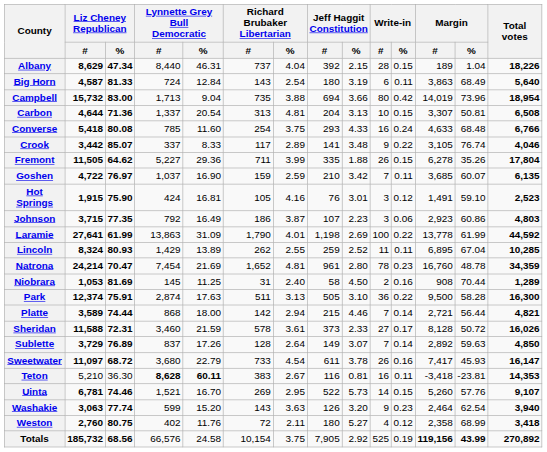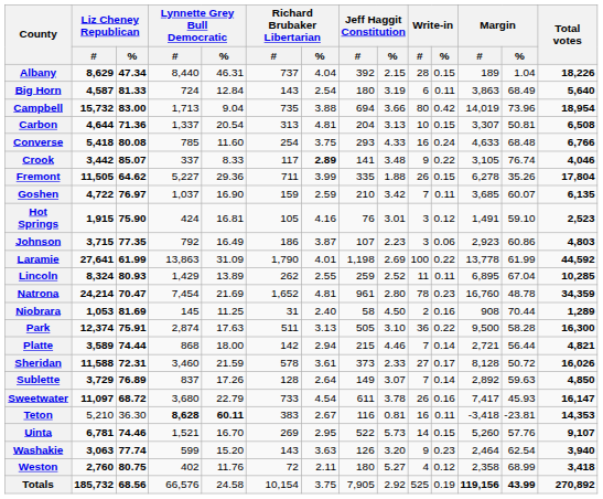 <table class="wikitable sortable"  style="text-align:right">
 <tr>
 <th rowspan="2">County</th>
 <th colspan="2"><a href='#'>Liz Cheney</a><br><a href='#'>Republican</a></th>
 <th colspan="2"><a href='#'>Lynnette Grey Bull</a><br><a href='#'>Democratic</a></th>
 <th colspan="2">Richard Brubaker<br><a href='#'>Libertarian</a></th>
 <th colspan="2">Jeff Haggit<br><a href='#'>Constitution</a></th>
 <th colspan="2">Write-in</th>
 <th colspan="2">Margin</th>
 <th rowspan="2">Total votes</th>
 </tr>
 <tr>
 <th data-sort-type="number" style="text-align:center;">#</th>
 <th data-sort-type="number" style="text-align:center;">%</th>
 <th data-sort-type="number" style="text-align:center;">#</th>
 <th data-sort-type="number" style="text-align:center;">%</th>
 <th data-sort-type="number" style="text-align:center;">#</th>
 <th data-sort-type="number" style="text-align:center;">%</th>
 <th data-sort-type="number" style="text-align:center;">#</th>
 <th data-sort-type="number" style="text-align:center;">%</th>
 <th data-sort-type="number" style="text-align:center;">#</th>
 <th data-sort-type="number" style="text-align:center;">%</th>
 <th data-sort-type="number" style="text-align:center;">#</th>
 <th data-sort-type="number" style="text-align:center;">%</th>
 </tr>
 <tr>
 <th><a href='#'>Albany</a></th>
 <td><strong>8,629</strong></td>
 <td><strong>47.34</strong></td>
 <td>8,440</td>
 <td>46.31</td>
 <td>737</td>
 <td>4.04</td>
 <td>392</td>
 <td>2.15</td>
 <td>28</td>
 <td>0.15</td>
 <td>189</td>
 <td>1.04</td>
 <td><strong>18,226</strong></td>
 </tr>
 <tr>
 <th><a href='#'>Big Horn</a></th>
 <td><strong>4,587</strong></td>
 <td><strong>81.33</strong></td>
 <td>724</td>
 <td>12.84</td>
 <td>143</td>
 <td>2.54</td>
 <td>180</td>
 <td>3.19</td>
 <td>6</td>
 <td>0.11</td>
 <td>3,863</td>
 <td>68.49</td>
 <td><strong>5,640</strong></td>
 </tr>
 <tr>
 <th><a href='#'>Campbell</a></th>
 <td><strong>15,732</strong></td>
 <td><strong>83.00</strong></td>
 <td>1,713</td>
 <td>9.04</td>
 <td>735</td>
 <td>3.88</td>
 <td>694</td>
 <td>3.66</td>
 <td>80</td>
 <td>0.42</td>
 <td>14,019</td>
 <td>73.96</td>
 <td><strong>18,954</strong></td>
 </tr>
 <tr>
 <th><a href='#'>Carbon</a></th>
 <td><strong>4,644</strong></td>
 <td><strong>71.36</strong></td>
 <td>1,337</td>
 <td>20.54</td>
 <td>313</td>
 <td>4.81</td>
 <td>204</td>
 <td>3.13</td>
 <td>10</td>
 <td>0.15</td>
 <td>3,307</td>
 <td>50.81</td>
 <td><strong>6,508</strong></td>
 </tr>
 <tr>
 <th><a href='#'>Converse</a></th>
 <td><strong>5,418</strong></td>
 <td><strong>80.08</strong></td>
 <td>785</td>
 <td>11.60</td>
 <td>254</td>
 <td>3.75</td>
 <td>293</td>
 <td>4.33</td>
 <td>16</td>
 <td>0.24</td>
 <td>4,633</td>
 <td>68.48</td>
 <td><strong>6,766</strong></td>
 </tr>
 <tr>
 <th><a href='#'>Crook</a></th>
 <td><strong>3,442</strong></td>
 <td><strong>85.07</strong></td>
 <td>337</td>
 <td>8.33</td>
 <td>117</td>
-<td>2.89</td>
+<td><strong>2.89</strong></td>
 <td>141</td>
 <td>3.48</td>
 <td>9</td>
 <td>0.22</td>
 <td>3,105</td>
 <td>76.74</td>
 <td><strong>4,046</strong></td>
 </tr>
 <tr>
 <th><a href='#'>Fremont</a></th>
 <td><strong>11,505</strong></td>
 <td><strong>64.62</strong></td>
 <td>5,227</td>
 <td>29.36</td>
 <td>711</td>
 <td>3.99</td>
 <td>335</td>
 <td>1.88</td>
 <td>26</td>
 <td>0.15</td>
 <td>6,278</td>
 <td>35.26</td>
 <td><strong>17,804</strong></td>
 </tr>
 <tr>
 <th><a href='#'>Goshen</a></th>
 <td><strong>4,722</strong></td>
 <td><strong>76.97</strong></td>
 <td>1,037</td>
 <td>16.90</td>
 <td>159</td>
 <td>2.59</td>
 <td>210</td>
 <td>3.42</td>
 <td>7</td>
 <td>0.11</td>
 <td>3,685</td>
 <td>60.07</td>
 <td><strong>6,135</strong></td>
 </tr>
 <tr>
 <th><a href='#'>Hot Springs</a></th>
 <td><strong>1,915</strong></td>
 <td><strong>75.90</strong></td>
 <td>424</td>
 <td>16.81</td>
 <td>105</td>
 <td>4.16</td>
 <td>76</td>
 <td>3.01</td>
 <td>3</td>
 <td>0.12</td>
 <td>1,491</td>
 <td>59.10</td>
 <td><strong>2,523</strong></td>
 </tr>
 <tr>
 <th><a href='#'>Johnson</a></th>
 <td><strong>3,715</strong></td>
 <td><strong>77.35</strong></td>
 <td>792</td>
 <td>16.49</td>
 <td>186</td>
 <td>3.87</td>
 <td>107</td>
 <td>2.23</td>
 <td>3</td>
 <td>0.06</td>
 <td>2,923</td>
 <td>60.86</td>
 <td><strong>4,803</strong></td>
 </tr>
 <tr>
 <th><a href='#'>Laramie</a></th>
 <td><strong>27,641</strong></td>
 <td><strong>61.99</strong></td>
 <td>13,863</td>
 <td>31.09</td>
 <td>1,790</td>
 <td>4.01</td>
 <td>1,198</td>
 <td>2.69</td>
 <td>100</td>
 <td>0.22</td>
 <td>13,778</td>
 <td>61.99</td>
 <td><strong>44,592</strong></td>
 </tr>
 <tr>
 <th><a href='#'>Lincoln</a></th>
 <td><strong>8,324</strong></td>
 <td><strong>80.93</strong></td>
 <td>1,429</td>
 <td>13.89</td>
 <td>262</td>
 <td>2.55</td>
 <td>259</td>
 <td>2.52</td>
 <td>11</td>
 <td>0.11</td>
 <td>6,895</td>
 <td>67.04</td>
 <td><strong>10,285</strong></td>
 </tr>
 <tr>
 <th><a href='#'>Natrona</a></th>
 <td><strong>24,214</strong></td>
 <td><strong>70.47</strong></td>
 <td>7,454</td>
 <td>21.69</td>
 <td>1,652</td>
 <td>4.81</td>
 <td>961</td>
 <td>2.80</td>
 <td>78</td>
 <td>0.23</td>
 <td>16,760</td>
 <td>48.78</td>
 <td><strong>34,359</strong></td>
 </tr>
 <tr>
 <th><a href='#'>Niobrara</a></th>
 <td><strong>1,053</strong></td>
 <td><strong>81.69</strong></td>
 <td>145</td>
 <td>11.25</td>
 <td>31</td>
 <td>2.40</td>
 <td>58</td>
 <td>4.50</td>
 <td>2</td>
 <td>0.16</td>
 <td>908</td>
 <td>70.44</td>
 <td><strong>1,289</strong></td>
 </tr>
 <tr>
 <th><a href='#'>Park</a></th>
 <td><strong>12,374</strong></td>
 <td><strong>75.91</strong></td>
 <td>2,874</td>
 <td>17.63</td>
 <td>511</td>
 <td>3.13</td>
 <td>505</td>
 <td>3.10</td>
 <td>36</td>
 <td>0.22</td>
 <td>9,500</td>
 <td>58.28</td>
 <td><strong>16,300</strong></td>
 </tr>
 <tr>
 <th><a href='#'>Platte</a></th>
 <td><strong>3,589</strong></td>
 <td><strong>74.44</strong></td>
 <td>868</td>
 <td>18.00</td>
 <td>142</td>
 <td>2.94</td>
 <td>215</td>
 <td>4.46</td>
 <td>7</td>
 <td>0.14</td>
 <td>2,721</td>
 <td>56.44</td>
 <td><strong>4,821</strong></td>
 </tr>
 <tr>
 <th><a href='#'>Sheridan</a></th>
 <td><strong>11,588</strong></td>
 <td><strong>72.31</strong></td>
 <td>3,460</td>
 <td>21.59</td>
 <td>578</td>
 <td>3.61</td>
 <td>373</td>
 <td>2.33</td>
 <td>27</td>
 <td>0.17</td>
 <td>8,128</td>
 <td>50.72</td>
 <td><strong>16,026</strong></td>
 </tr>
 <tr>
 <th><a href='#'>Sublette</a></th>
 <td><strong>3,729</strong></td>
 <td><strong>76.89</strong></td>
 <td>837</td>
 <td>17.26</td>
 <td>128</td>
 <td>2.64</td>
 <td>149</td>
 <td>3.07</td>
 <td>7</td>
 <td>0.14</td>
 <td>2,892</td>
 <td>59.63</td>
 <td><strong>4,850</strong></td>
 </tr>
 <tr>
 <th><a href='#'>Sweetwater</a></th>
 <td><strong>11,097</strong></td>
 <td><strong>68.72</strong></td>
 <td>3,680</td>
 <td>22.79</td>
 <td>733</td>
 <td>4.54</td>
 <td>611</td>
 <td>3.78</td>
 <td>26</td>
 <td>0.16</td>
 <td>7,417</td>
 <td>45.93</td>
 <td><strong>16,147</strong></td>
 </tr>
 <tr>
 <th><a href='#'>Teton</a></th>
 <td>5,210</td>
 <td>36.30</td>
 <td><strong>8,628</strong></td>
 <td><strong>60.11</strong></td>
 <td>383</td>
 <td>2.67</td>
 <td>116</td>
 <td>0.81</td>
 <td>16</td>
 <td>0.11</td>
 <td>-3,418</td>
 <td>-23.81</td>
 <td><strong>14,353</strong></td>
 </tr>
 <tr>
 <th><a href='#'>Uinta</a></th>
 <td><strong>6,781</strong></td>
 <td><strong>74.46</strong></td>
 <td>1,521</td>
 <td>16.70</td>
 <td>269</td>
 <td>2.95</td>
 <td>522</td>
 <td>5.73</td>
 <td>14</td>
 <td>0.15</td>
 <td>5,260</td>
 <td>57.76</td>
 <td><strong>9,107</strong></td>
 </tr>
 <tr>
 <th><a href='#'>Washakie</a></th>
 <td><strong>3,063</strong></td>
 <td><strong>77.74</strong></td>
 <td>599</td>
 <td>15.20</td>
 <td>143</td>
 <td>3.63</td>
 <td>126</td>
 <td>3.20</td>
 <td>9</td>
 <td>0.23</td>
 <td>2,464</td>
 <td>62.54</td>
 <td><strong>3,940</strong></td>
 </tr>
 <tr>
 <th><a href='#'>Weston</a></th>
 <td><strong>2,760</strong></td>
 <td><strong>80.75</strong></td>
 <td>402</td>
 <td>11.76</td>
 <td>72</td>
 <td>2.11</td>
 <td>180</td>
 <td>5.27</td>
 <td>4</td>
 <td>0.12</td>
 <td>2,358</td>
 <td>68.99</td>
 <td><strong>3,418</strong></td>
 </tr>
 <tr>
 <th class=sortbottom>Totals</th>
 <td><strong>185,732</strong></td>
 <td><strong>68.56</strong></td>
 <td>66,576</td>
 <td>24.58</td>
 <td>10,154</td>
 <td>3.75</td>
 <td>7,905</td>
 <td>2.92</td>
 <td>525</td>
 <td>0.19</td>
 <td><strong>119,156</strong></td>
 <td><strong>43.99</strong></td>
 <td><strong>270,892</strong></td>
 </tr>
 </table>
